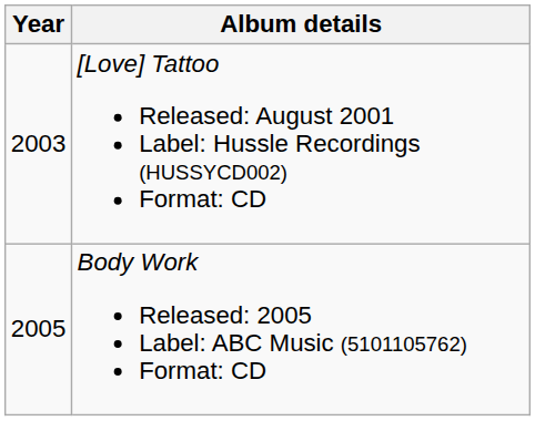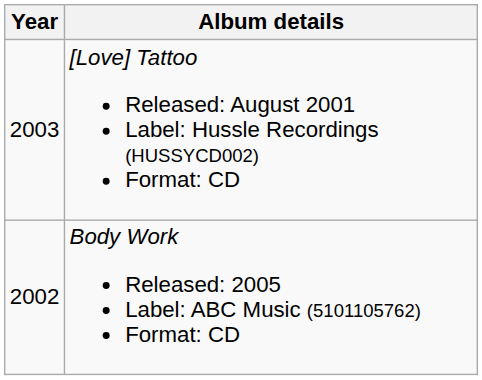 <table class="wikitable" border="1">
 <tr>
 <th width="35px">Year</th>
 <th width="290px">Album details</th>
 </tr>
 <tr>
 <td>2003</td>
 <td><em>[Love] Tattoo</em><br><ul><li>Released: August 2001</li><li>Label: Hussle Recordings <small>(HUSSYCD002)</small></li><li>Format: CD</li></ul></td>
 </tr>
 <tr>
-<td>2005</td>
+<td>2002</td>
 <td><em>Body Work</em><br><ul><li>Released: 2005 </li><li>Label: ABC Music <small>(5101105762)</small></li><li>Format: CD</li></ul></td>
 </tr>
 </table>
